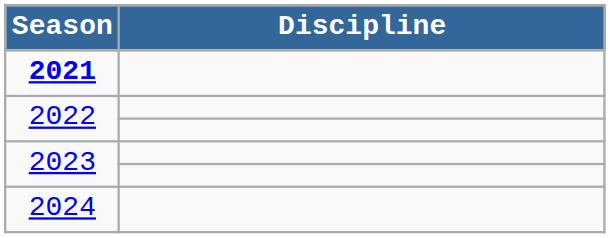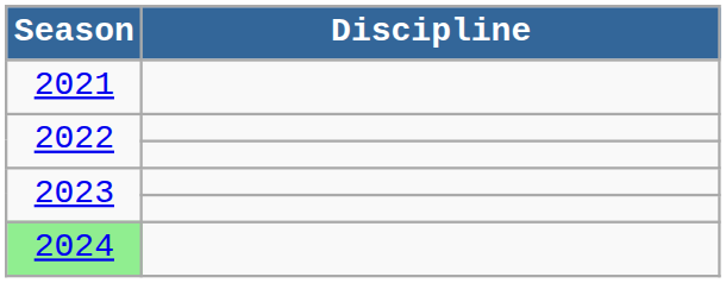 <table class="wikitable"  style="font-size:95%; text-align:center; border:gray solid 1px; width:30%;">
 <tr style="background:#369; color:white;">
 <td colspan="1" style="width:10%;"><strong>Season</strong></td>
 <td><strong>Discipline</strong></td>
 </tr>
 <tr>
-<td align=center><strong><a href='#'>2021</a></strong></td>
+<td align=center><a href='#'>2021</a></td>
 <td align=center></td>
 </tr>
 <tr>
 <td rowspan=2 align=center><a href='#'>2022</a></td>
 <td align=center><strong></strong></td>
 </tr>
 <tr>
 <td align=center></td>
 </tr>
 <tr>
 <td rowspan=2 align=center><a href='#'>2023</a></td>
 <td align=center><strong></strong></td>
 </tr>
 <tr>
 <td align=center></td>
 </tr>
 <tr>
-<td align=center><a href='#'>2024</a></td>
+<td align=center style="background: lightgreen;"><a href='#'>2024</a></td>
 <td align=center></td>
 </tr>
 </table>
